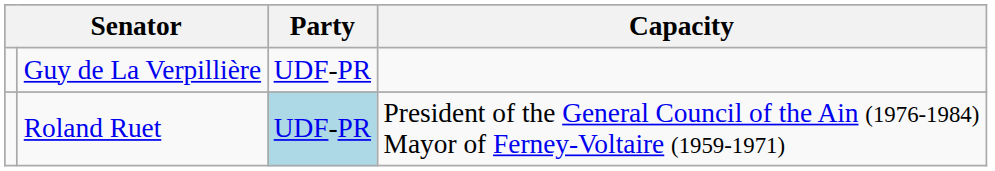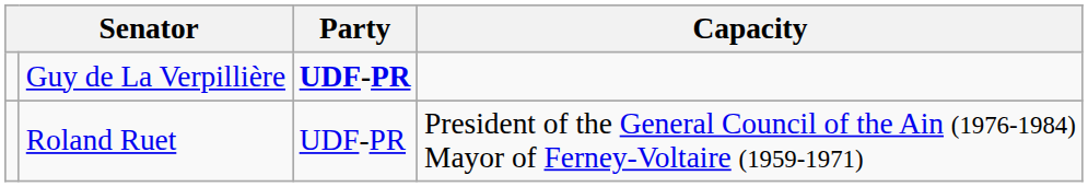 <table class="wikitable">
 <tr>
 <th colspan="2">Senator</th>
 <th>Party</th>
 <th>Capacity</th>
 </tr>
 <tr>
 <td></td>
 <td><a href='#'>Guy de La Verpillière</a></td>
-<td><a href='#'>UDF</a>-<a href='#'>PR</a></td>
+<td><strong><a href='#'>UDF</a>-<a href='#'>PR</a></strong></td>
 <td></td>
 </tr>
 <tr>
 <td></td>
 <td><a href='#'>Roland Ruet</a></td>
-<td style="background: lightblue;"><a href='#'>UDF</a>-<a href='#'>PR</a></td>
+<td><a href='#'>UDF</a>-<a href='#'>PR</a></td>
 <td>President of the <a href='#'>General Council of the Ain</a> <small>(1976-1984)</small><br>Mayor of <a href='#'>Ferney-Voltaire</a> <small>(1959-1971)</small></td>
 </tr>
 </table>
